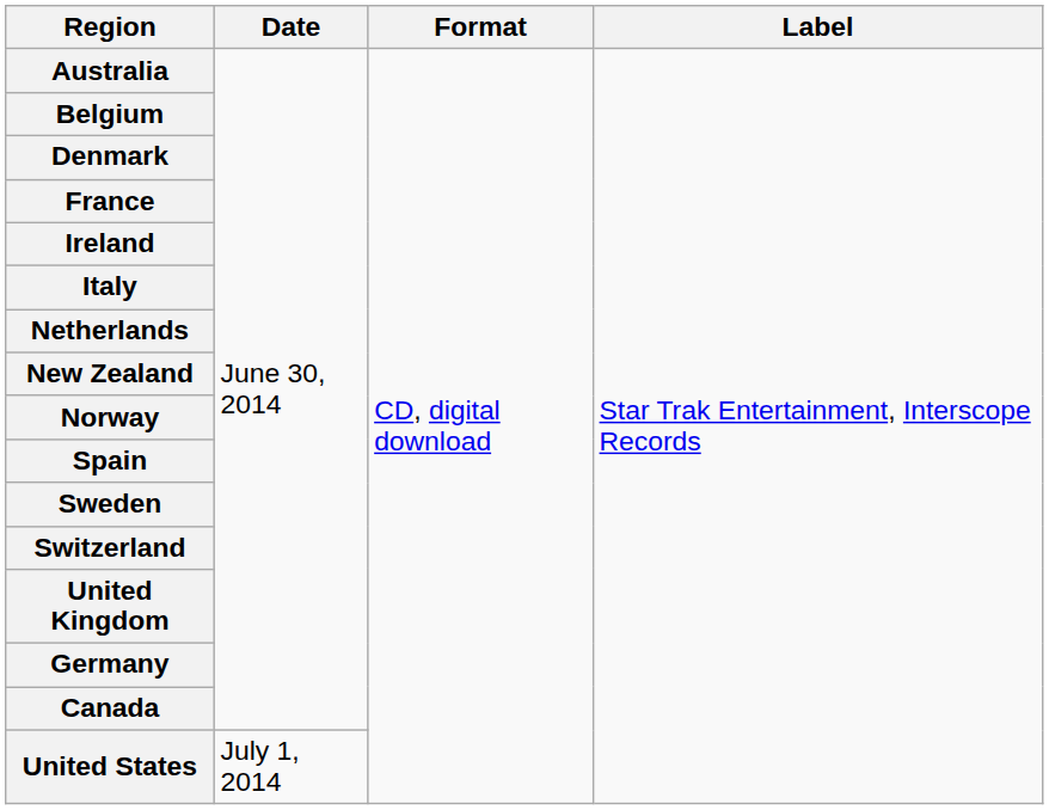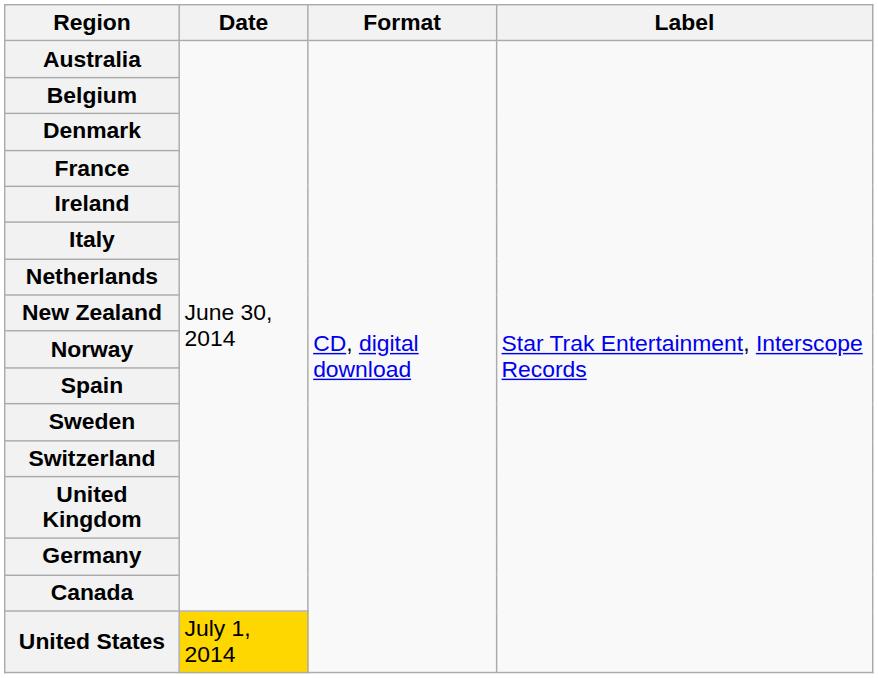 <table class="wikitable plainrowheaders">
 <tr>
 <th>Region</th>
 <th>Date</th>
 <th>Format</th>
 <th>Label</th>
 </tr>
 <tr>
 <th scope="row">Australia</th>
 <td rowspan="15">June 30, 2014</td>
 <td rowspan="16"><a href='#'>CD</a>, <a href='#'>digital download</a></td>
 <td rowspan="16"><a href='#'>Star Trak Entertainment</a>, <a href='#'>Interscope Records</a></td>
 </tr>
 <tr>
 <th scope="row">Belgium</th>
 </tr>
 <tr>
 <th scope="row">Denmark</th>
 </tr>
 <tr>
 <th scope="row">France</th>
 </tr>
 <tr>
 <th scope="row">Ireland</th>
 </tr>
 <tr>
 <th scope="row">Italy</th>
 </tr>
 <tr>
 <th scope="row">Netherlands</th>
 </tr>
 <tr>
 <th scope="row">New Zealand</th>
 </tr>
 <tr>
 <th scope="row">Norway</th>
 </tr>
 <tr>
 <th scope="row">Spain</th>
 </tr>
 <tr>
 <th scope="row">Sweden</th>
 </tr>
 <tr>
 <th scope="row">Switzerland</th>
 </tr>
 <tr>
 <th scope="row">United Kingdom</th>
 </tr>
 <tr>
 <th scope="row">Germany</th>
 </tr>
 <tr>
 <th scope="row">Canada</th>
 </tr>
 <tr>
 <th scope="row">United States</th>
-<td>July 1, 2014</td>
+<td style="background: gold;">July 1, 2014</td>
 </tr>
 </table>
